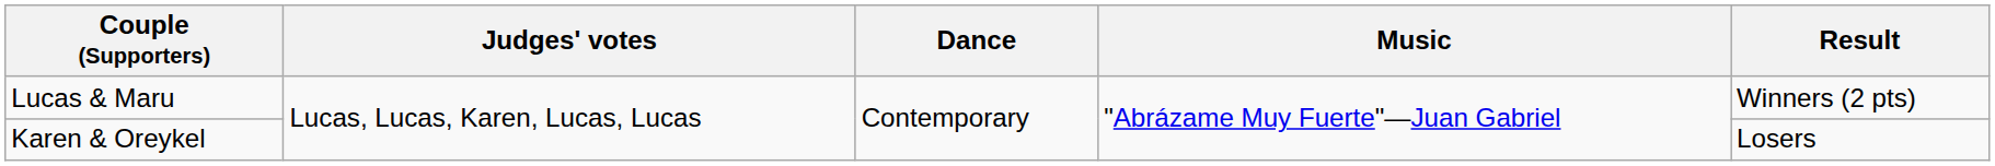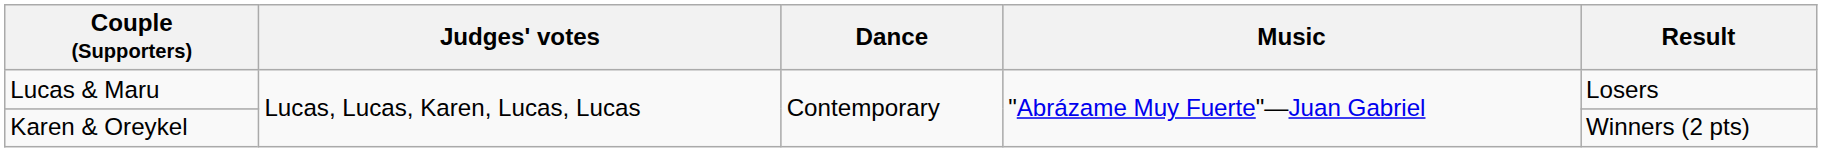 <table class="wikitable sortable" style="width:95%; white-space:nowrap;">
 <tr>
 <th>Couple<br><small>(Supporters)</small></th>
 <th>Judges' votes</th>
 <th>Dance</th>
 <th>Music</th>
 <th>Result</th>
 </tr>
 <tr>
 <td>Lucas & Maru<br></td>
 <td rowspan=2>Lucas, Lucas, Karen, Lucas, Lucas</td>
 <td rowspan=2>Contemporary</td>
 <td rowspan=2>"<a href='#'>Abrázame Muy Fuerte</a>"—<a href='#'>Juan Gabriel</a></td>
-<td>Winners (2 pts)</td>
+<td>Losers</td>
 </tr>
 <tr>
 <td>Karen & Oreykel<br></td>
-<td>Losers</td>
+<td>Winners (2 pts)</td>
 </tr>
 </table>
